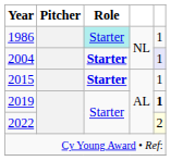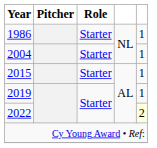 <table class="wikitable sortable plainrowheaders" style="font-size: 95%; text-align:center">
 <tr>
 <th scope="col" style="background-color:#ffffff; border-top:#">Year</th>
 <th scope="col" style="background-color:#ffffff; border-top:#">Pitcher</th>
 <th scope="col" style="background-color:#ffffff; border-top:#">Role</th>
 <th scope="col" style="background-color:#ffffff; border-top:#"></th>
 <th scope="col" style="background-color:#ffffff; border-top:#"></th>
 </tr>
 <tr>
 <td><a href='#'>1986</a></td>
 <th scope="row" style="text-align:center"></th>
-<td style="background: paleturquoise;"><a href='#'>Starter</a></td>
+<td><a href='#'>Starter</a></td>
 <td rowspan="2">NL</td>
 <td>1</td>
 </tr>
 <tr>
 <td><a href='#'>2004</a></td>
 <th scope="row" style="text-align:center"></th>
-<td><strong><a href='#'>Starter</a></strong></td>
-<td style="background: lavender;">1</td>
+<td><a href='#'>Starter</a></td>
+<td>1</td>
 </tr>
 <tr>
 <td><a href='#'>2015</a></td>
 <th scope="row" style="text-align:center"></th>
-<td><strong><a href='#'>Starter</a></strong></td>
+<td><a href='#'>Starter</a></td>
 <td rowspan="3">AL</td>
 <td>1</td>
 </tr>
 <tr>
 <td><a href='#'>2019</a></td>
 <th scope="row" rowspan="2" style="text-align:center"></th>
 <td rowspan="2"><a href='#'>Starter</a></td>
-<td><strong>1</strong></td>
+<td>1</td>
 </tr>
 <tr>
 <td><a href='#'>2022</a></td>
 <td style="background: lightyellow;">2</td>
 </tr>
 <tr class="sortbottom">
 <td style="text-align:right"; colspan="5"><small><a href='#'>Cy Young Award</a> • <em>Ref</em>:</small></td>
 </tr>
 <tr>
 </tr>
 </table>
